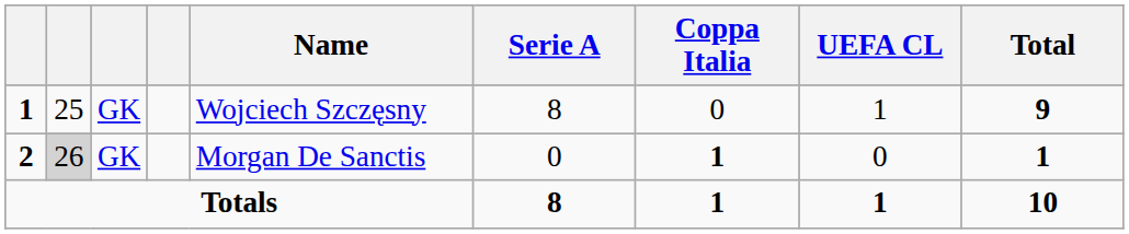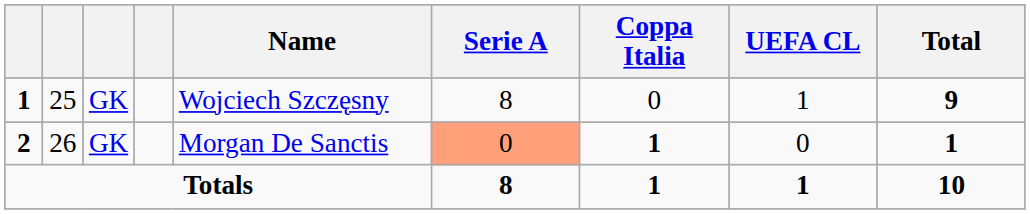 <table class="wikitable" style="text-align:center">
 <tr>
 <th width=15></th>
 <th width=15></th>
 <th width=15></th>
 <th width=15></th>
 <th width=145>Name</th>
 <th width=80><a href='#'>Serie A</a></th>
 <th width=80><a href='#'>Coppa Italia</a></th>
 <th width=80><a href='#'>UEFA CL</a></th>
 <th width=80>Total</th>
 </tr>
 <tr>
 <td><strong>1</strong></td>
 <td>25</td>
 <td><a href='#'>GK</a></td>
 <td></td>
 <td align=left><a href='#'>Wojciech Szczęsny</a></td>
 <td>8</td>
 <td>0</td>
 <td>1</td>
 <td><strong>9</strong></td>
 </tr>
 <tr>
 <td><strong>2</strong></td>
-<td style="background: lightgrey;">26</td>
+<td>26</td>
 <td><a href='#'>GK</a></td>
 <td></td>
 <td align=left><a href='#'>Morgan De Sanctis</a></td>
-<td>0</td>
+<td style="background: lightsalmon;">0</td>
 <td><strong>1</strong></td>
 <td>0</td>
 <td><strong>1</strong></td>
 </tr>
 <tr>
 <td colspan=5><strong>Totals</strong></td>
 <td><strong>8</strong></td>
 <td><strong>1</strong></td>
 <td><strong>1</strong></td>
 <td><strong>10</strong></td>
 </tr>
 </table>
